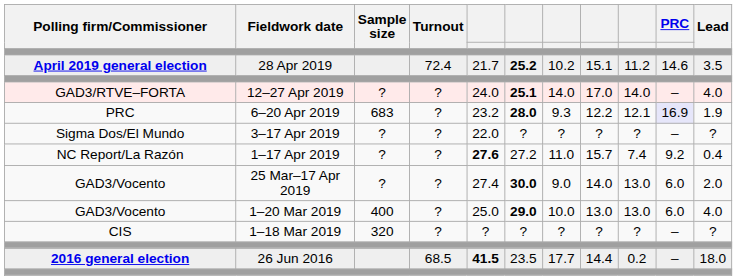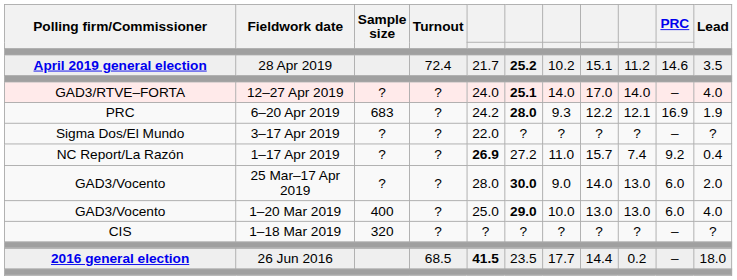 <table class="wikitable collapsible collapsed" style="text-align:center; font-size:95%; line-height:16px;">
 <tr style="height:42px;">
 <th style="width:250px;" rowspan="2">Polling firm/Commissioner</th>
 <th style="width:125px;" rowspan="2">Fieldwork date</th>
 <th style="width:50px;" rowspan="2">Sample size</th>
 <th style="width:45px;" rowspan="2">Turnout</th>
 <th style="width:35px;"></th>
 <th style="width:35px;"></th>
 <th style="width:35px;"></th>
 <th style="width:35px;"></th>
 <th style="width:35px;"></th>
 <th style="width:35px;"><a href='#'>PRC</a></th>
 <th style="width:30px;" rowspan="2">Lead</th>
 </tr>
 <tr>
 <th style="color:inherit;background:"></th>
 <th style="color:inherit;background:"></th>
 <th style="color:inherit;background:"></th>
 <th style="color:inherit;background:"></th>
 <th style="color:inherit;background:"></th>
 <th style="color:inherit;background:"></th>
 </tr>
 <tr>
 <td colspan="11" style="background:#A0A0A0"></td>
 </tr>
 <tr style="background:#EFEFEF;">
 <td><strong><a href='#'>April 2019 general election</a></strong></td>
 <td>28 Apr 2019</td>
 <td></td>
 <td>72.4</td>
 <td>21.7<br></td>
 <td><strong>25.2</strong><br></td>
 <td>10.2<br></td>
 <td>15.1<br></td>
 <td>11.2<br></td>
 <td>14.6<br></td>
 <td style="background:">3.5</td>
 </tr>
 <tr>
 <td colspan="11" style="background:#A0A0A0"></td>
 </tr>
 <tr style="background:#FFEAEA;">
 <td>GAD3/RTVE–FORTA</td>
 <td>12–27 Apr 2019</td>
 <td>?</td>
 <td>?</td>
 <td>24.0<br></td>
 <td><strong>25.1</strong><br></td>
 <td>14.0<br></td>
 <td>17.0<br></td>
 <td>14.0<br></td>
 <td>–</td>
 <td style="background:">4.0</td>
 </tr>
 <tr>
 <td>PRC</td>
 <td>6–20 Apr 2019</td>
 <td>683</td>
 <td>?</td>
-<td>23.2<br></td>
+<td>24.2<br></td>
 <td><strong>28.0</strong><br></td>
 <td>9.3<br></td>
 <td>12.2<br></td>
 <td>12.1<br></td>
-<td style="background: lavender;">16.9<br></td>
+<td>16.9<br></td>
 <td style="background:">1.9</td>
 </tr>
 <tr>
 <td>Sigma Dos/El Mundo</td>
 <td>3–17 Apr 2019</td>
 <td>?</td>
 <td>?</td>
 <td>22.0<br></td>
 <td>?<br></td>
 <td>?<br></td>
 <td>?<br></td>
 <td>?<br></td>
 <td>–</td>
 <td style="background:">?</td>
 </tr>
 <tr>
 <td>NC Report/La Razón</td>
 <td>1–17 Apr 2019</td>
 <td>?</td>
 <td>?</td>
-<td><strong>27.6</strong><br></td>
+<td><strong>26.9</strong><br></td>
 <td>27.2<br></td>
 <td>11.0<br></td>
 <td>15.7<br></td>
 <td>7.4<br></td>
 <td>9.2<br></td>
 <td style="background:">0.4</td>
 </tr>
 <tr>
 <td>GAD3/Vocento</td>
 <td>25 Mar–17 Apr 2019</td>
 <td>?</td>
 <td>?</td>
-<td>27.4<br></td>
+<td>28.0<br></td>
 <td><strong>30.0</strong><br></td>
 <td>9.0<br></td>
 <td>14.0<br></td>
 <td>13.0<br></td>
 <td>6.0<br></td>
 <td style="background:">2.0</td>
 </tr>
 <tr>
 <td>GAD3/Vocento</td>
 <td>1–20 Mar 2019</td>
 <td>400</td>
 <td>?</td>
 <td>25.0<br></td>
 <td><strong>29.0</strong><br></td>
 <td>10.0<br></td>
 <td>13.0<br></td>
 <td>13.0<br></td>
 <td>6.0<br></td>
 <td style="background:">4.0</td>
 </tr>
 <tr>
 <td>CIS</td>
 <td>1–18 Mar 2019</td>
 <td>320</td>
 <td>?</td>
 <td>?<br></td>
 <td>?<br></td>
 <td>?<br></td>
 <td>?<br></td>
 <td>?<br></td>
 <td>–</td>
 <td style="background:">?</td>
 </tr>
 <tr>
 <td colspan="11" style="background:#A0A0A0"></td>
 </tr>
 <tr style="background:#EFEFEF;">
 <td><strong><a href='#'>2016 general election</a></strong></td>
 <td>26 Jun 2016</td>
 <td></td>
 <td>68.5</td>
 <td><strong>41.5</strong><br></td>
 <td>23.5<br></td>
 <td>17.7<br></td>
 <td>14.4<br></td>
 <td>0.2<br></td>
 <td>–</td>
 <td style="background:">18.0</td>
 </tr>
 <tr>
 <td colspan="11" style="background:#A0A0A0"></td>
 </tr>
 </table>
